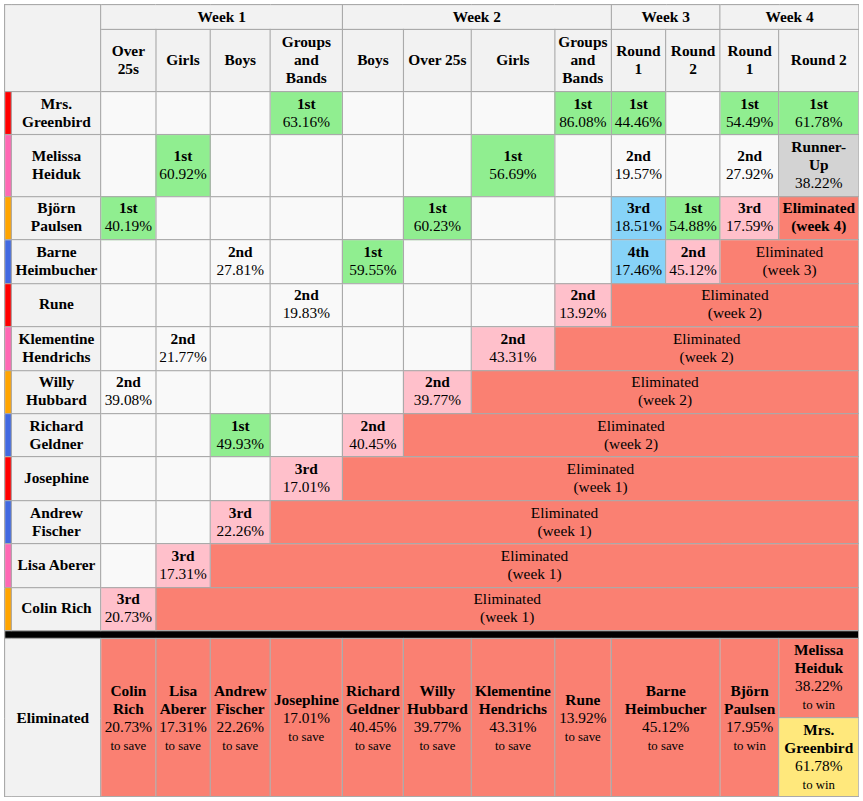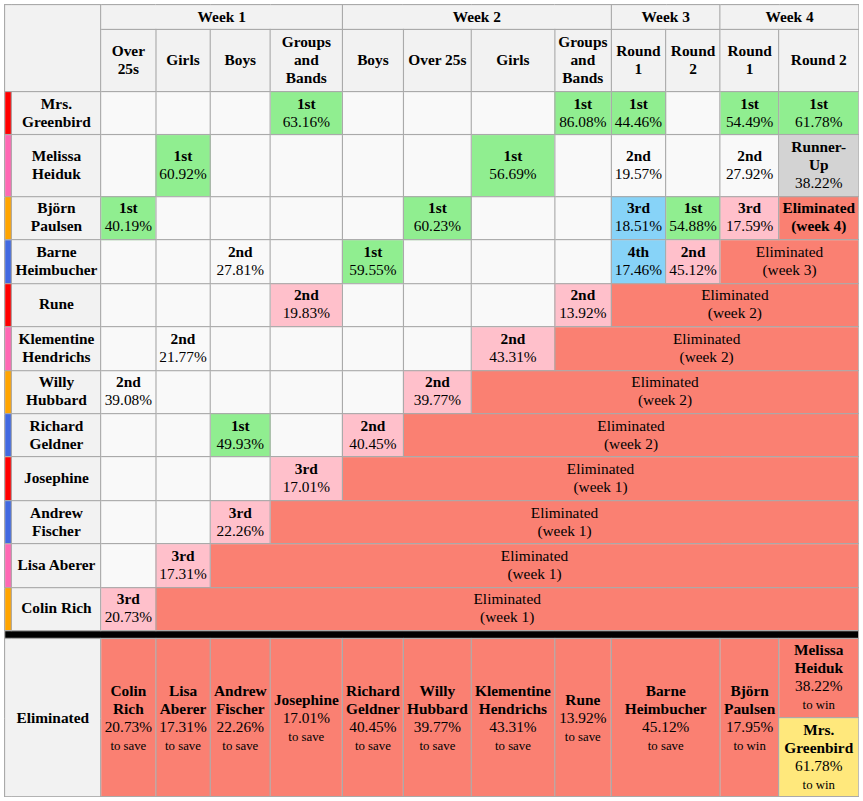 <table class="wikitable" style="text-align:center; font-size:85%">
 <tr>
 <th style="width:20%" colspan=2 rowspan=2></th>
 <th style="width:7%" colspan="4" scope="col">Week 1</th>
 <th style="width:7%" colspan="4" scope="col">Week 2</th>
 <th style="width:7%" colspan="2" scope="col">Week 3</th>
 <th colspan="2">Week 4</th>
 </tr>
 <tr>
 <th style="width:7%">Over 25s</th>
 <th style="width:7%">Girls</th>
 <th style="width:7%">Boys</th>
 <th style="width:7%">Groups and Bands</th>
 <th style="width:7%">Boys</th>
 <th style="width:7%">Over 25s</th>
 <th style="width:7%">Girls</th>
 <th style="width:7%">Groups and Bands</th>
 <th style="width:7%">Round 1</th>
 <th style="width:7%">Round 2</th>
 <th style="width:7%">Round 1</th>
 <th style="width:7%">Round 2</th>
 </tr>
 <tr>
 <th style="background:#FF0000"></th>
 <th>Mrs. Greenbird</th>
 <td></td>
 <td></td>
 <td></td>
 <td bgcolor="lightgreen"><strong>1st</strong><br>63.16%</td>
 <td></td>
 <td></td>
 <td></td>
 <td bgcolor="lightgreen"><strong>1st</strong><br>86.08%</td>
 <td bgcolor="lightgreen"><strong>1st</strong><br>44.46%</td>
 <td></td>
 <td bgcolor="lightgreen"><strong>1st</strong><br>54.49%</td>
 <td style="background:lightgreen"><strong>1st</strong><br>61.78%</td>
 </tr>
 <tr>
 <th style="background:#FF69B4"></th>
 <th>Melissa Heiduk</th>
 <td></td>
 <td bgcolor="lightgreen"><strong>1st</strong><br>60.92%</td>
 <td></td>
 <td></td>
 <td></td>
 <td></td>
 <td bgcolor="lightgreen"><strong>1st</strong><br>56.69%</td>
 <td></td>
 <td><strong>2nd</strong><br>19.57%</td>
 <td></td>
 <td><strong>2nd</strong><br>27.92%</td>
 <td style="background:lightgrey"><strong>Runner-Up</strong><br>38.22%</td>
 </tr>
 <tr>
 <th style="background:#FFA500"></th>
 <th>Björn Paulsen</th>
 <td bgcolor="lightgreen"><strong>1st</strong><br>40.19%</td>
 <td></td>
 <td></td>
 <td></td>
 <td></td>
 <td bgcolor="lightgreen"><strong>1st</strong><br>60.23%</td>
 <td></td>
 <td></td>
 <td bgcolor="#87D3F8"><strong>3rd</strong><br>18.51%</td>
 <td bgcolor="lightgreen"><strong>1st</strong><br>54.88%</td>
 <td bgcolor="pink"><strong>3rd</strong><br>17.59%</td>
 <td style="background:salmon"><strong>Eliminated<br>(week 4)</strong></td>
 </tr>
 <tr>
 <th style="background:#4169E1"></th>
 <th>Barne Heimbucher</th>
 <td></td>
 <td></td>
 <td><strong>2nd</strong><br>27.81%</td>
 <td></td>
 <td bgcolor="lightgreen"><strong>1st</strong><br>59.55%</td>
 <td></td>
 <td></td>
 <td></td>
 <td bgcolor="#87D3F8"><strong>4th</strong><br>17.46%</td>
 <td bgcolor="pink"><strong>2nd</strong><br>45.12%</td>
 <td colspan="2" style="background:salmon">Eliminated<br>(week 3)</td>
 </tr>
 <tr>
 <th style="background:#FF0000"></th>
 <th>Rune</th>
 <td></td>
 <td></td>
 <td></td>
-<td><strong>2nd</strong><br>19.83%</td>
+<td style="background: pink;"><strong>2nd</strong><br>19.83%</td>
 <td></td>
 <td></td>
 <td></td>
 <td bgcolor="pink"><strong>2nd</strong><br>13.92%</td>
 <td colspan="5" style="background:salmon">Eliminated<br>(week 2)</td>
 </tr>
 <tr>
 <th style="background:#FF69B4"></th>
 <th>Klementine Hendrichs</th>
 <td></td>
 <td><strong>2nd</strong><br>21.77%</td>
 <td></td>
 <td></td>
 <td></td>
 <td></td>
 <td bgcolor="pink"><strong>2nd</strong><br>43.31%</td>
 <td colspan="6" style="background:salmon">Eliminated<br>(week 2)</td>
 </tr>
 <tr>
 <th style="background:#FFA500"></th>
 <th>Willy Hubbard</th>
 <td><strong>2nd</strong><br>39.08%</td>
 <td></td>
 <td></td>
 <td></td>
 <td></td>
 <td bgcolor="pink"><strong>2nd</strong><br>39.77%</td>
 <td colspan="7" style="background:salmon">Eliminated<br>(week 2)</td>
 </tr>
 <tr>
 <th style="background:#4169E1"></th>
 <th>Richard Geldner</th>
 <td></td>
 <td></td>
 <td bgcolor="lightgreen"><strong>1st</strong><br>49.93%</td>
 <td></td>
 <td bgcolor="pink"><strong>2nd</strong><br>40.45%</td>
 <td colspan="8" style="background:salmon">Eliminated<br>(week 2)</td>
 </tr>
 <tr>
 <th style="background:#FF0000"></th>
 <th>Josephine</th>
 <td></td>
 <td></td>
 <td></td>
 <td style="background:pink"><strong>3rd</strong><br>17.01%</td>
 <td colspan="9" style="background:salmon">Eliminated<br>(week 1)</td>
 </tr>
 <tr>
 <th style="background:#4169E1"></th>
 <th>Andrew Fischer</th>
 <td></td>
 <td></td>
 <td style="background:pink"><strong>3rd</strong><br>22.26%</td>
 <td colspan="10" style="background:salmon">Eliminated<br>(week 1)</td>
 </tr>
 <tr>
 <th style="background:#FF69B4"></th>
 <th>Lisa Aberer</th>
 <td></td>
 <td style="background:pink"><strong>3rd</strong><br>17.31%</td>
 <td colspan="11" style="background:salmon">Eliminated<br>(week 1)</td>
 </tr>
 <tr>
 <th style="background:#FFA500"></th>
 <th>Colin Rich</th>
 <td style="background:pink"><strong>3rd</strong><br>20.73%</td>
 <td colspan="12" style="background:salmon">Eliminated<br>(week 1)</td>
 </tr>
 <tr>
 <td style="background:#000000" colspan=14></td>
 </tr>
 <tr>
 <th colspan=2 rowspan=4>Eliminated</th>
 <td style="background:#FA8072" rowspan=2><strong>Colin Rich</strong><br>20.73%<br><small>to save</small></td>
 <td style="background:#FA8072" rowspan=2><strong>Lisa Aberer</strong><br>17.31%<br><small>to save</small></td>
 <td style="background:#FA8072" rowspan=2><strong>Andrew Fischer</strong><br>22.26%<br><small>to save</small></td>
 <td style="background:#FA8072" rowspan=2><strong>Josephine</strong><br>17.01%<br><small>to save</small></td>
 <td style="background:#FA8072" rowspan=2><strong>Richard Geldner</strong><br>40.45%<br><small>to save</small></td>
 <td style="background:#FA8072" rowspan=2><strong>Willy Hubbard</strong><br>39.77%<br><small>to save</small></td>
 <td style="background:#FA8072" rowspan=2><strong>Klementine Hendrichs</strong><br>43.31%<br><small>to save</small></td>
 <td style="background:#FA8072" rowspan=2><strong>Rune</strong><br>13.92%<br><small>to save</small></td>
 <td style="background:#FA8072" colspan=2 rowspan=2><strong>Barne Heimbucher</strong><br>45.12%<br><small>to save</small></td>
 <td style="background:#FA8072" rowspan=2><strong>Björn Paulsen</strong><br>17.95%<br><small>to win</small></td>
 <td style="background:#FA8072"><strong>Melissa Heiduk</strong><br>38.22%<br><small>to win</small></td>
 </tr>
 <tr>
 <td style="background:#FFE87C"><strong>Mrs. Greenbird</strong><br>61.78%<br><small>to win</small></td>
 </tr>
 <tr>
 </tr>
 </table>
